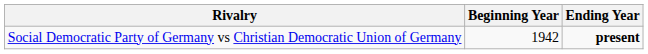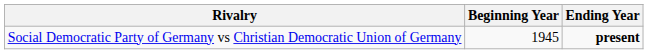 <table class="wikitable sortable">
 <tr>
 <th>Rivalry</th>
 <th>Beginning Year</th>
 <th>Ending Year</th>
 </tr>
 <tr>
 <td><a href='#'>Social Democratic Party of Germany</a> vs <a href='#'>Christian Democratic Union of Germany</a></td>
-<td style="text-align:right;">1942</td>
+<td style="text-align:right;">1945</td>
 <td style="text-align:right;"><strong>present</strong></td>
 </tr>
 </table>
